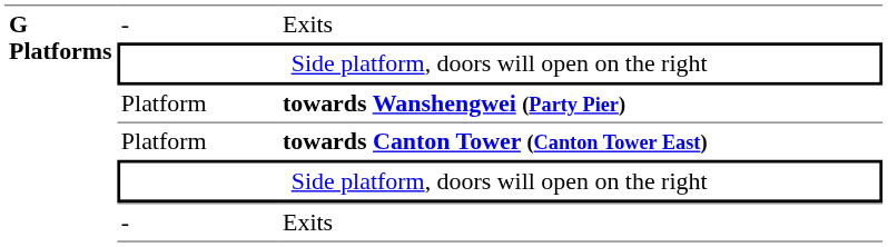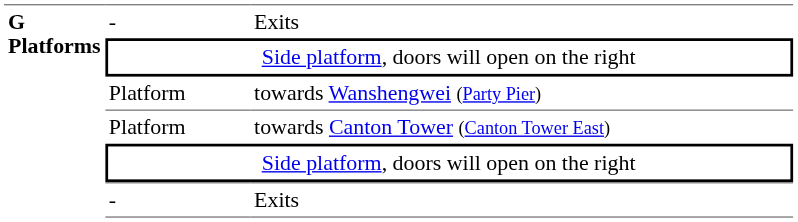 <table table border=0 cellspacing=0 cellpadding=3>
 <tr>
 <td rowspan="6" style="border-top:solid 1px gray;" width="50" valign="top"><strong>G<br>Platforms</strong></td>
 <td style="border-top:solid 1px gray;" width=100 valign=top>-</td>
 <td style="border-top:solid 1px gray;" width=390 valign=top>Exits</td>
 </tr>
 <tr>
 <td style="border-top:solid 2px black;border-right:solid 2px black;border-left:solid 2px black;border-bottom:solid 2px black;text-align:center;" colspan=2><a href='#'>Side platform</a>, doors will open on the right</td>
 </tr>
 <tr>
 <td style="border-bottom:solid 1px gray;" width=100>Platform </td>
-<td style="border-bottom:solid 1px gray;" width=390><strong>  towards <a href='#'>Wanshengwei</a> <small>(<a href='#'>Party Pier</a>)</small></strong></td>
+<td style="border-bottom:solid 1px gray;" width=390>  towards <a href='#'>Wanshengwei</a> <small>(<a href='#'>Party Pier</a>)</small></td>
 </tr>
 <tr>
 <td>Platform </td>
-<td><strong> towards <a href='#'>Canton Tower</a>  <small>(<a href='#'>Canton Tower East</a>)</small> </strong></td>
+<td> towards <a href='#'>Canton Tower</a>  <small>(<a href='#'>Canton Tower East</a>)</small> </td>
 </tr>
 <tr>
 <td style="border-top:solid 2px black;border-right:solid 2px black;border-left:solid 2px black;border-bottom:solid 2px black;text-align:center;" colspan=2><a href='#'>Side platform</a>, doors will open on the right</td>
 </tr>
 <tr>
 <td style="border-bottom:solid 1px gray; border-top:solid 1px gray;" valign=top width=100>-</td>
 <td style="border-bottom:solid 1px gray; border-top:solid 1px gray;" valign=top width=390>Exits</td>
 </tr>
 </table>
